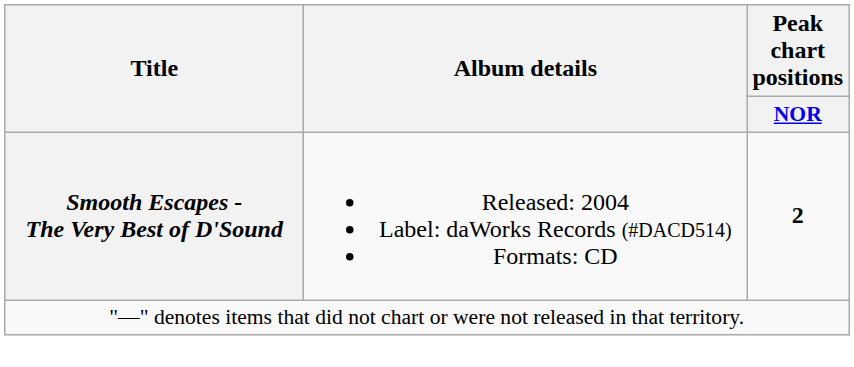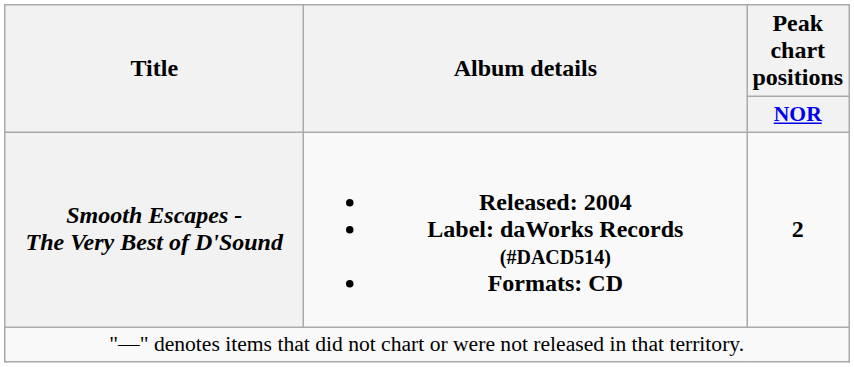 <table class="wikitable plainrowheaders" style="text-align:center;">
 <tr>
 <th scope="col" rowspan="2" style="width:12em;">Title</th>
 <th scope="col" rowspan="2" style="width:18em;">Album details</th>
 <th scope="col" colspan="1">Peak chart positions</th>
 </tr>
 <tr>
 <th style="width:2em;font-size:90%;"><a href='#'>NOR</a><br></th>
 </tr>
 <tr>
 <th scope="row"><em>Smooth Escapes -<br>The Very Best of D'Sound</em></th>
-<td><br><ul><li>Released: 2004</li><li>Label: daWorks Records <small>(#DACD514)</small></li><li>Formats: CD</li></ul></td>
+<td><strong><br><ul><li>Released: 2004</li><li>Label: daWorks Records <small>(#DACD514)</small></li><li>Formats: CD</li></ul></strong></td>
 <td><strong>2</strong></td>
 </tr>
 <tr>
 <td align="center" colspan="15" style="font-size:90%">"—" denotes items that did not chart or were not released in that territory.</td>
 </tr>
 </table>
